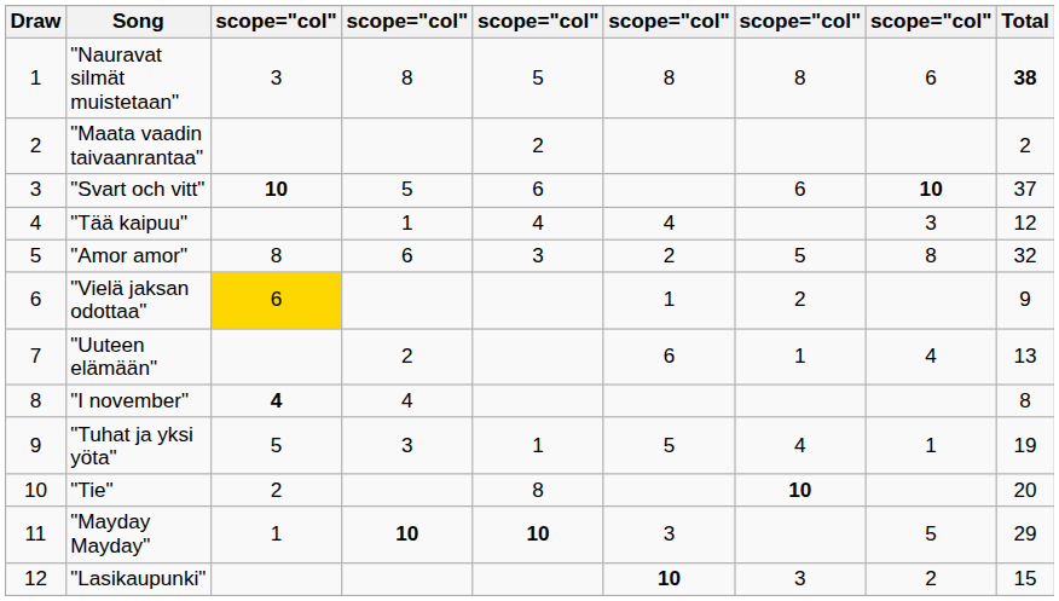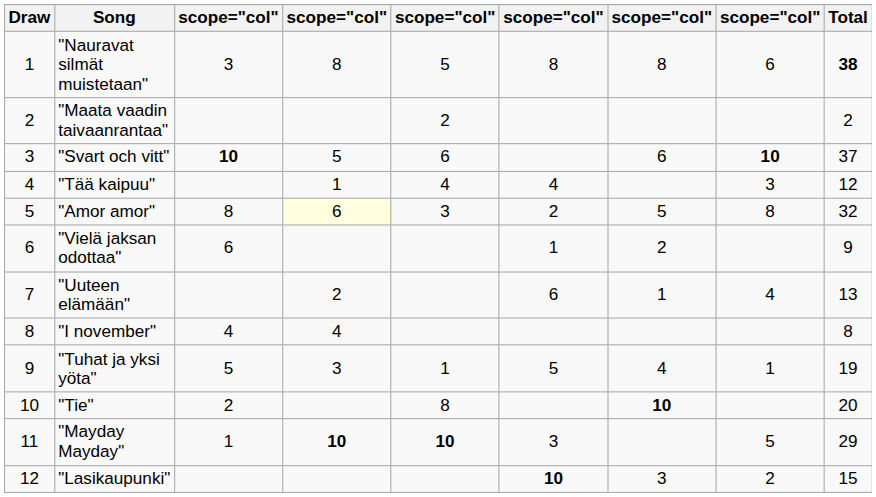 <table class="wikitable plainrowheaders" style="margin: 1em auto 1em auto; text-align:center;">
 <tr>
 </tr>
 <tr>
 <th scope="col">Draw</th>
 <th scope="col">Song</th>
 <th>scope="col" </th>
 <th>scope="col" </th>
 <th>scope="col" </th>
 <th>scope="col" </th>
 <th>scope="col" </th>
 <th>scope="col" </th>
 <th scope="col">Total</th>
 </tr>
 <tr>
 <td>1</td>
 <td align="left">"Nauravat silmät muistetaan"</td>
 <td>3</td>
 <td>8</td>
 <td>5</td>
 <td>8</td>
 <td>8</td>
 <td>6</td>
 <td><strong>38</strong></td>
 </tr>
 <tr>
 <td>2</td>
 <td align="left">"Maata vaadin taivaanrantaa"</td>
 <td></td>
 <td></td>
 <td>2</td>
 <td></td>
 <td></td>
 <td></td>
 <td>2</td>
 </tr>
 <tr>
 <td>3</td>
 <td align="left">"Svart och vitt"</td>
 <td><strong>10</strong></td>
 <td>5</td>
 <td>6</td>
 <td></td>
 <td>6</td>
 <td><strong>10</strong></td>
 <td>37</td>
 </tr>
 <tr>
 <td>4</td>
 <td align="left">"Tää kaipuu"</td>
 <td></td>
 <td>1</td>
 <td>4</td>
 <td>4</td>
 <td></td>
 <td>3</td>
 <td>12</td>
 </tr>
 <tr>
 <td>5</td>
 <td align="left">"Amor amor"</td>
 <td>8</td>
-<td>6</td>
+<td style="background: lightyellow;">6</td>
 <td>3</td>
 <td>2</td>
 <td>5</td>
 <td>8</td>
 <td>32</td>
 </tr>
 <tr>
 <td>6</td>
 <td align="left">"Vielä jaksan odottaa"</td>
-<td style="background: gold;">6</td>
+<td>6</td>
 <td></td>
 <td></td>
 <td>1</td>
 <td>2</td>
 <td></td>
 <td>9</td>
 </tr>
 <tr>
 <td>7</td>
 <td align="left">"Uuteen elämään"</td>
 <td></td>
 <td>2</td>
 <td></td>
 <td>6</td>
 <td>1</td>
 <td>4</td>
 <td>13</td>
 </tr>
 <tr>
 <td>8</td>
 <td align="left">"I november"</td>
-<td><strong>4</strong></td>
+<td>4</td>
 <td>4</td>
 <td></td>
 <td></td>
 <td></td>
 <td></td>
 <td>8</td>
 </tr>
 <tr>
 <td>9</td>
 <td align="left">"Tuhat ja yksi yöta"</td>
 <td>5</td>
 <td>3</td>
 <td>1</td>
 <td>5</td>
 <td>4</td>
 <td>1</td>
 <td>19</td>
 </tr>
 <tr>
 <td>10</td>
 <td align="left">"Tie"</td>
 <td>2</td>
 <td></td>
 <td>8</td>
 <td></td>
 <td><strong>10</strong></td>
 <td></td>
 <td>20</td>
 </tr>
 <tr>
 <td>11</td>
 <td align="left">"Mayday Mayday"</td>
 <td>1</td>
 <td><strong>10</strong></td>
 <td><strong>10</strong></td>
 <td>3</td>
 <td></td>
 <td>5</td>
 <td>29</td>
 </tr>
 <tr>
 <td>12</td>
 <td align="left">"Lasikaupunki"</td>
 <td></td>
 <td></td>
 <td></td>
 <td><strong>10</strong></td>
 <td>3</td>
 <td>2</td>
 <td>15</td>
 </tr>
 </table>
